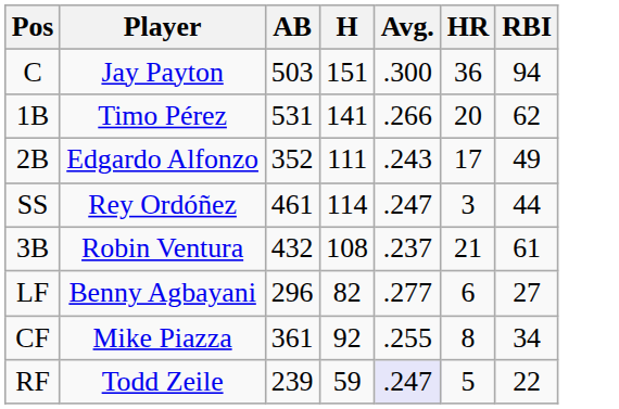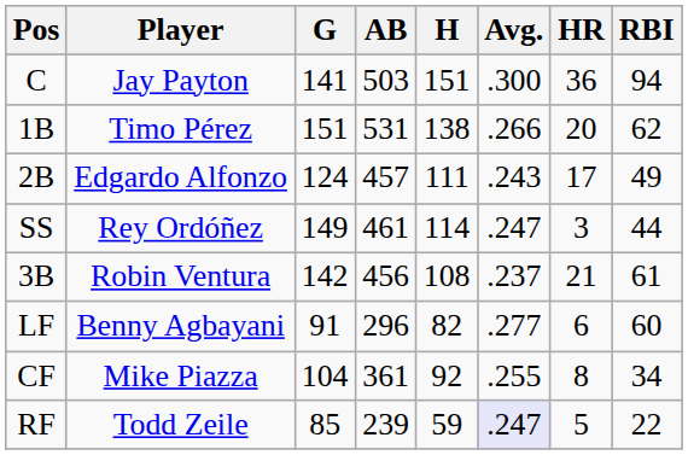 <table class="wikitable sortable">
 <tr>
 <th>Pos</th>
 <th>Player</th>
+<th>G</th>
 <th>AB</th>
 <th>H</th>
 <th>Avg.</th>
 <th>HR</th>
 <th>RBI</th>
 </tr>
 <tr align=center>
 <td>C</td>
 <td><a href='#'>Jay Payton</a></td>
+<td>141</td>
 <td>503</td>
 <td>151</td>
 <td>.300</td>
 <td>36</td>
 <td>94</td>
 </tr>
 <tr align=center>
 <td>1B</td>
 <td><a href='#'>Timo Pérez</a></td>
+<td>151</td>
 <td>531</td>
-<td>141</td>
+<td>138</td>
 <td>.266</td>
 <td>20</td>
 <td>62</td>
 </tr>
 <tr align=center>
 <td>2B</td>
 <td><a href='#'>Edgardo Alfonzo</a></td>
-<td>352</td>
+<td>124</td>
+<td>457</td>
 <td>111</td>
 <td>.243</td>
 <td>17</td>
 <td>49</td>
 </tr>
 <tr align=center>
 <td>SS</td>
 <td><a href='#'>Rey Ordóñez</a></td>
+<td>149</td>
 <td>461</td>
 <td>114</td>
 <td>.247</td>
 <td>3</td>
 <td>44</td>
 </tr>
 <tr align=center>
 <td>3B</td>
 <td><a href='#'>Robin Ventura</a></td>
-<td>432</td>
+<td>142</td>
+<td>456</td>
 <td>108</td>
 <td>.237</td>
 <td>21</td>
 <td>61</td>
 </tr>
 <tr align=center>
 <td>LF</td>
 <td><a href='#'>Benny Agbayani</a></td>
+<td>91</td>
 <td>296</td>
 <td>82</td>
 <td>.277</td>
 <td>6</td>
-<td>27</td>
+<td>60</td>
 </tr>
 <tr align=center>
 <td>CF</td>
 <td><a href='#'>Mike Piazza</a></td>
+<td>104</td>
 <td>361</td>
 <td>92</td>
 <td>.255</td>
 <td>8</td>
 <td>34</td>
 </tr>
 <tr align=center>
 <td>RF</td>
 <td><a href='#'>Todd Zeile</a></td>
+<td>85</td>
 <td>239</td>
 <td>59</td>
 <td style="background: lavender;">.247</td>
 <td>5</td>
 <td>22</td>
 </tr>
 </table>
